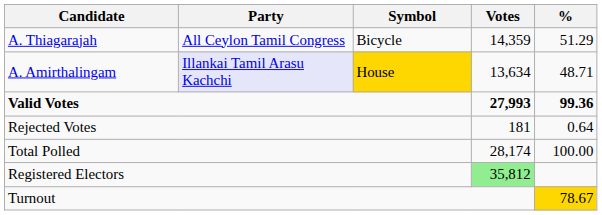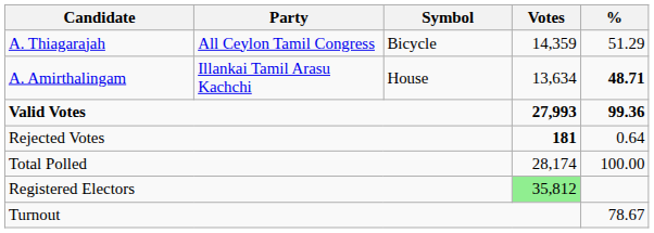 <table class="wikitable" border="1" style="text-align:right;">
 <tr>
 <th align=left colspan=1 width="180">Candidate</th>
 <th align=left width="180">Party</th>
 <th align=left width="120">Symbol</th>
 <th align=left width="60">Votes</th>
 <th align=left width="60">%</th>
 </tr>
 <tr>
 <td align=left><a href='#'>A. Thiagarajah</a></td>
 <td align=left><a href='#'>All Ceylon Tamil Congress</a></td>
 <td align=left>Bicycle</td>
 <td>14,359</td>
 <td>51.29</td>
 </tr>
 <tr>
 <td align=left><a href='#'>A. Amirthalingam</a></td>
-<td align=left style="background: lavender;"><a href='#'>Illankai Tamil Arasu Kachchi</a></td>
-<td align=left style="background: gold;">House</td>
+<td align=left><a href='#'>Illankai Tamil Arasu Kachchi</a></td>
+<td align=left>House</td>
 <td>13,634</td>
-<td>48.71</td>
+<td><strong>48.71</strong></td>
 </tr>
 <tr>
 <td align=left colspan=3><strong>Valid Votes</strong></td>
 <td><strong>27,993</strong></td>
 <td><strong>99.36</strong></td>
 </tr>
 <tr>
 <td align=left colspan=3>Rejected Votes</td>
-<td>181</td>
+<td><strong>181</strong></td>
 <td>0.64</td>
 </tr>
 <tr>
 <td align=left colspan=3>Total Polled</td>
 <td>28,174</td>
 <td>100.00</td>
 </tr>
 <tr>
 <td align=left colspan=3>Registered Electors</td>
 <td style="background: lightgreen;">35,812</td>
 <td></td>
 </tr>
 <tr>
 <td align=left colspan=4>Turnout</td>
-<td style="background: gold;">78.67</td>
+<td>78.67</td>
 </tr>
 </table>
